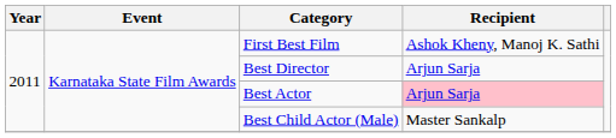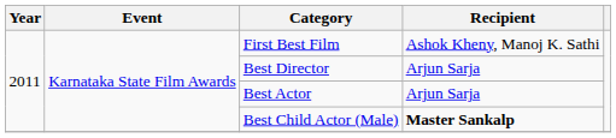 <table class="wikitable">
 <tr>
 <th>Year</th>
 <th>Event</th>
 <th>Category</th>
 <th>Recipient</th>
 <th></th>
 </tr>
 <tr>
 <td rowspan="4">2011</td>
 <td rowspan="4"><a href='#'>Karnataka State Film Awards</a></td>
 <td><a href='#'>First Best Film</a></td>
 <td><a href='#'>Ashok Kheny</a>, Manoj K. Sathi</td>
 <td rowspan="4"><br></td>
 </tr>
 <tr>
 <td><a href='#'>Best Director</a></td>
 <td><a href='#'>Arjun Sarja</a></td>
 </tr>
 <tr>
 <td><a href='#'>Best Actor</a></td>
-<td style="background: pink;"><a href='#'>Arjun Sarja</a></td>
+<td><a href='#'>Arjun Sarja</a></td>
 </tr>
 <tr>
 <td><a href='#'>Best Child Actor (Male)</a></td>
-<td>Master Sankalp</td>
+<td><strong>Master Sankalp</strong></td>
 </tr>
 <tr>
 </tr>
 </table>
